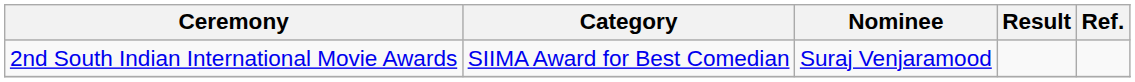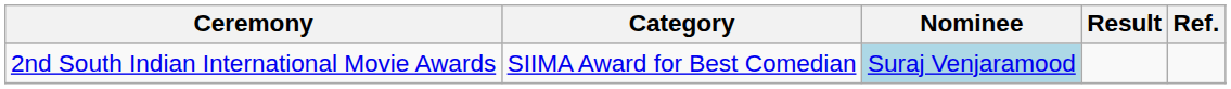 <table class="wikitable">
 <tr>
 <th>Ceremony</th>
 <th>Category</th>
 <th>Nominee</th>
 <th>Result</th>
 <th>Ref.</th>
 </tr>
 <tr>
 <td rowspan="1"><a href='#'>2nd South Indian International Movie Awards</a></td>
 <td><a href='#'>SIIMA Award for Best Comedian</a></td>
-<td><a href='#'>Suraj Venjaramood</a></td>
+<td style="background: lightblue;"><a href='#'>Suraj Venjaramood</a></td>
 <td></td>
 <td></td>
 </tr>
 <tr>
 </tr>
 </table>
